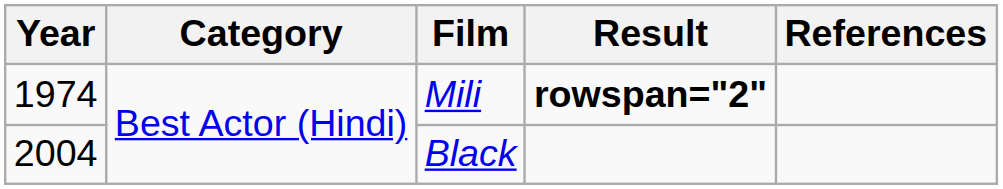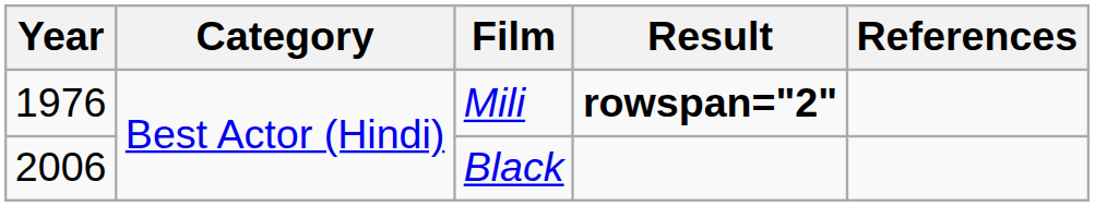 <table class="wikitable sortable">
 <tr>
 <th>Year</th>
 <th>Category</th>
 <th>Film</th>
 <th>Result</th>
 <th>References</th>
 </tr>
 <tr>
-<td>1974</td>
+<td>1976</td>
 <td rowspan="2"><a href='#'>Best Actor (Hindi)</a></td>
 <td><em><a href='#'>Mili</a></em></td>
 <td><strong>rowspan="2" </strong></td>
 <td></td>
 </tr>
 <tr>
-<td>2004</td>
+<td>2006</td>
 <td><em><a href='#'>Black</a></em></td>
 <td></td>
 </tr>
 </table>
